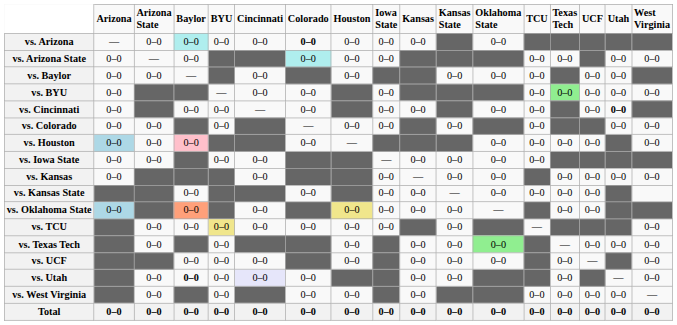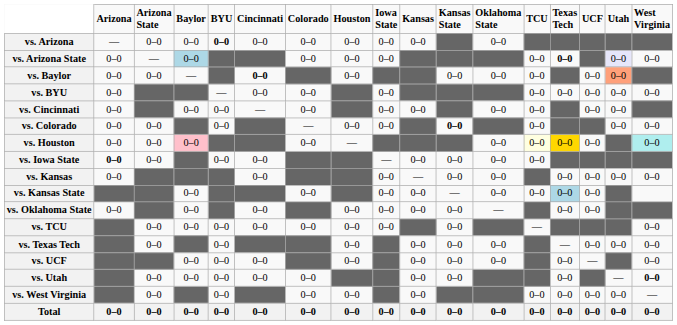 <table class="wikitable" style="white-space:nowrap;font-size:90%;">
 <tr>
 <th colspan=1 style="background:white; border-top-style:hidden; border-left-style:hidden;"   width=110> </th>
 <td><strong>Arizona</strong></td>
 <td><strong>Arizona<br>State</strong></td>
 <td><strong>Baylor</strong></td>
 <td><strong>BYU</strong></td>
 <td><strong>Cincinnati</strong></td>
 <td><strong>Colorado</strong></td>
 <td><strong>Houston</strong></td>
 <td><strong>Iowa<br>State</strong></td>
 <td><strong>Kansas</strong></td>
 <td><strong>Kansas<br>State</strong></td>
 <td><strong>Oklahoma<br>State</strong></td>
 <td><strong>TCU</strong></td>
 <td><strong>Texas<br>Tech</strong></td>
 <td><strong>UCF</strong></td>
 <td><strong>Utah</strong></td>
 <td><strong>West<br>Virginia</strong></td>
 </tr>
 <tr style="text-align:center;">
 <th>vs. Arizona</th>
 <td>—</td>
 <td>0–0</td>
-<td style="background: paleturquoise;">0–0</td>
+<td>0–0</td>
+<td><strong>0–0</strong></td>
 <td>0–0</td>
 <td>0–0</td>
-<td><strong>0–0</strong></td>
 <td>0–0</td>
 <td>0–0</td>
 <td>0–0</td>
 <td style="background:#666666;"></td>
 <td>0–0</td>
 <td style="background:#666666;"></td>
 <td style="background:#666666;"></td>
 <td style="background:#666666;"></td>
 <td style="background:#666666;"></td>
 <td style="background:#666666;"></td>
 </tr>
 <tr style="text-align:center;">
 <th>vs. Arizona State</th>
 <td>0–0</td>
 <td>—</td>
-<td>0–0</td>
+<td style="background: lightblue;">0–0</td>
 <td style="background:#666666;"></td>
 <td style="background:#666666;"></td>
-<td style="background: paleturquoise;">0–0</td>
+<td>0–0</td>
 <td>0–0</td>
 <td>0–0</td>
 <td style="background:#666666;"></td>
 <td style="background:#666666;"></td>
 <td style="background:#666666;"></td>
 <td>0–0</td>
-<td>0–0</td>
+<td><strong>0–0</strong></td>
 <td style="background:#666666;"></td>
-<td>0–0</td>
+<td style="background: lavender;">0–0</td>
 <td>0–0</td>
 </tr>
 <tr style="text-align:center;">
 <th>vs. Baylor</th>
 <td>0–0</td>
 <td>0–0</td>
 <td>—</td>
 <td style="background:#666666;"></td>
-<td>0–0</td>
+<td><strong>0–0</strong></td>
 <td style="background:#666666;"></td>
 <td>0–0</td>
 <td style="background:#666666;"></td>
 <td style="background:#666666;"></td>
 <td>0–0</td>
 <td>0–0</td>
 <td>0–0</td>
 <td style="background:#666666;"></td>
 <td>0–0</td>
-<td>0–0</td>
+<td style="background: lightsalmon;">0–0</td>
 <td style="background:#666666;"></td>
 </tr>
 <tr style="text-align:center;">
 <th>vs. BYU</th>
 <td>0–0</td>
 <td style="background:#666666;"></td>
 <td style="background:#666666;"></td>
 <td>—</td>
 <td>0–0</td>
 <td>0–0</td>
 <td style="background:#666666;"></td>
 <td>0–0</td>
 <td style="background:#666666;"></td>
 <td style="background:#666666;"></td>
 <td style="background:#666666;"></td>
 <td>0–0</td>
-<td style="background: lightgreen;">0–0</td>
+<td>0–0</td>
 <td>0–0</td>
 <td>0–0</td>
 <td>0–0</td>
 </tr>
 <tr style="text-align:center;">
 <th>vs. Cincinnati</th>
 <td>0–0</td>
 <td style="background:#666666;"></td>
 <td>0–0</td>
 <td>0–0</td>
 <td>—</td>
 <td>0–0</td>
 <td style="background:#666666;"></td>
 <td>0–0</td>
 <td>0–0</td>
 <td style="background:#666666;"></td>
 <td>0–0</td>
 <td>0–0</td>
 <td style="background:#666666;"></td>
 <td>0–0</td>
-<td><strong>0–0</strong></td>
+<td>0–0</td>
 <td style="background:#666666;"></td>
 </tr>
 <tr style="text-align:center;">
 <th>vs. Colorado</th>
 <td>0–0</td>
 <td>0–0</td>
 <td style="background:#666666;"></td>
 <td>0–0</td>
 <td style="background:#666666;"></td>
 <td>—</td>
 <td>0–0</td>
 <td>0–0</td>
 <td style="background:#666666;"></td>
-<td>0–0</td>
+<td><strong>0–0</strong></td>
 <td style="background:#666666;"></td>
 <td>0–0</td>
 <td style="background:#666666;"></td>
 <td style="background:#666666;"></td>
 <td>0–0</td>
 <td>0–0</td>
 </tr>
 <tr style="text-align:center;">
 <th>vs. Houston</th>
-<td style="background: lightblue;">0–0</td>
+<td>0–0</td>
 <td>0–0</td>
 <td style="background: pink;">0–0</td>
 <td style="background:#666666;"></td>
 <td style="background:#666666;"></td>
 <td>0–0</td>
 <td>—</td>
 <td style="background:#666666;"></td>
 <td style="background:#666666;"></td>
 <td style="background:#666666;"></td>
 <td>0–0</td>
-<td>0–0</td>
-<td>0–0</td>
+<td style="background: lightyellow;">0–0</td>
+<td style="background: gold;">0–0</td>
 <td>0–0</td>
 <td style="background:#666666;"></td>
-<td>0–0</td>
+<td style="background: paleturquoise;">0–0</td>
 </tr>
 <tr style="text-align:center;">
 <th>vs. Iowa State</th>
-<td>0–0</td>
+<td><strong>0–0</strong></td>
 <td>0–0</td>
 <td style="background:#666666;"></td>
 <td>0–0</td>
 <td>0–0</td>
 <td style="background:#666666;"></td>
 <td style="background:#666666;"></td>
 <td>—</td>
 <td>0–0</td>
 <td>0–0</td>
 <td>0–0</td>
 <td>0–0</td>
 <td style="background:#666666;"></td>
 <td style="background:#666666;"></td>
 <td style="background:#666666;"></td>
 <td style="background:#666666;"></td>
 </tr>
 <tr style="text-align:center;">
 <th>vs. Kansas</th>
 <td>0–0</td>
 <td style="background:#666666;"></td>
 <td style="background:#666666;"></td>
 <td style="background:#666666;"></td>
 <td>0–0</td>
 <td style="background:#666666;"></td>
 <td style="background:#666666;"></td>
 <td>0–0</td>
 <td>—</td>
 <td>0–0</td>
 <td>0–0</td>
 <td style="background:#666666;"></td>
 <td>0–0</td>
 <td>0–0</td>
 <td>0–0</td>
 <td>0–0</td>
 </tr>
 <tr style="text-align:center;">
 <th>vs. Kansas State</th>
 <td style="background:#666666;"></td>
 <td style="background:#666666;"></td>
 <td>0–0</td>
 <td style="background:#666666;"></td>
 <td style="background:#666666;"></td>
 <td>0–0</td>
 <td style="background:#666666;"></td>
 <td>0–0</td>
 <td>0–0</td>
 <td>—</td>
 <td>0–0</td>
 <td>0–0</td>
-<td 0–0>0–0</td>
+<td 0–0 style="background: lightblue;">0–0</td>
 <td>0–0</td>
 <td style="background:#666666;"></td>
 </tr>
 <tr style="text-align:center;">
 <th>vs. Oklahoma State</th>
-<td style="background: lightblue;">0–0</td>
-<td style="background:#666666;"></td>
-<td style="background: lightsalmon;">0–0</td>
+<td>0–0</td>
 <td style="background:#666666;"></td>
 <td>0–0</td>
 <td style="background:#666666;"></td>
-<td style="background: khaki;">0–0</td>
+<td>0–0</td>
+<td style="background:#666666;"></td>
+<td>0–0</td>
 <td>0–0</td>
 <td>0–0</td>
 <td>0–0</td>
 <td>—</td>
 <td style="background:#666666;"></td>
 <td>0–0</td>
 <td>0–0</td>
 <td style="background:#666666;"></td>
 <td style="background:#666666;"></td>
 </tr>
 <tr style="text-align:center;">
 <th>vs. TCU</th>
 <td style="background:#666666;"></td>
 <td>0–0</td>
 <td>0–0</td>
-<td style="background: khaki;">0–0</td>
+<td>0–0</td>
 <td>0–0</td>
 <td>0–0</td>
 <td>0–0</td>
 <td>0–0</td>
 <td style="background:#666666;"></td>
 <td>0–0</td>
 <td style="background:#666666;"></td>
 <td>—</td>
 <td style="background:#666666;"></td>
 <td style="background:#666666;"></td>
 <td style="background:#666666;"></td>
 <td>0–0</td>
 </tr>
 <tr style="text-align:center;">
 <th>vs. Texas Tech</th>
 <td style="background:#666666;"></td>
 <td>0–0</td>
 <td style="background:#666666;"></td>
 <td>0–0</td>
 <td style="background:#666666;"></td>
 <td style="background:#666666;"></td>
 <td>0–0</td>
 <td style="background:#666666;"></td>
 <td>0–0</td>
 <td>0–0</td>
-<td style="background: lightgreen;">0–0</td>
+<td>0–0</td>
 <td style="background:#666666;"></td>
 <td>—</td>
 <td>0–0</td>
 <td>0–0</td>
 <td>0–0</td>
 </tr>
 <tr style="text-align:center;">
 <th>vs. UCF</th>
 <td style="background:#666666;"></td>
 <td style="background:#666666;"></td>
 <td>0–0</td>
 <td>0–0</td>
 <td>0–0</td>
 <td style="background:#666666;"></td>
 <td>0–0</td>
 <td style="background:#666666;"></td>
 <td>0–0</td>
 <td>0–0</td>
 <td>0–0</td>
 <td style="background:#666666;"></td>
 <td>0–0</td>
 <td>—</td>
 <td style="background:#666666;"></td>
 <td>0–0</td>
 </tr>
 <tr style="text-align:center;">
 <th>vs. Utah</th>
 <td style="background:#666666;"></td>
 <td>0–0</td>
-<td><strong>0–0</strong></td>
 <td>0–0</td>
-<td style="background: lavender;">0–0</td>
+<td>0–0</td>
+<td>0–0</td>
 <td>0–0</td>
 <td style="background:#666666;"></td>
 <td style="background:#666666;"></td>
 <td>0–0</td>
 <td>0–0</td>
 <td style="background:#666666;"></td>
 <td style="background:#666666;"></td>
 <td>0–0</td>
 <td style="background:#666666;"></td>
 <td>—</td>
-<td>0–0</td>
+<td><strong>0–0</strong></td>
 </tr>
 <tr style="text-align:center;">
 <th>vs. West Virginia</th>
 <td style="background:#666666;"></td>
 <td>0–0</td>
 <td style="background:#666666;"></td>
 <td>0–0</td>
 <td style="background:#666666;"></td>
 <td>0–0</td>
 <td>0–0</td>
 <td style="background:#666666;"></td>
 <td>0–0</td>
 <td style="background:#666666;"></td>
 <td style="background:#666666;"></td>
 <td>0–0</td>
 <td>0–0</td>
 <td>0–0</td>
 <td>0–0</td>
 <td>—<br></td>
 </tr>
 <tr style="text-align:center;">
 <th>Total</th>
 <th>0–0</th>
 <th>0–0</th>
 <th>0–0</th>
 <th>0–0</th>
 <th>0–0</th>
 <th>0–0</th>
 <th>0–0</th>
 <th>0–0</th>
 <th>0–0</th>
 <th>0–0</th>
 <th>0–0</th>
 <th>0–0</th>
 <th>0–0</th>
 <th>0–0</th>
 <th>0–0</th>
 <th>0–0</th>
 </tr>
 </table>
